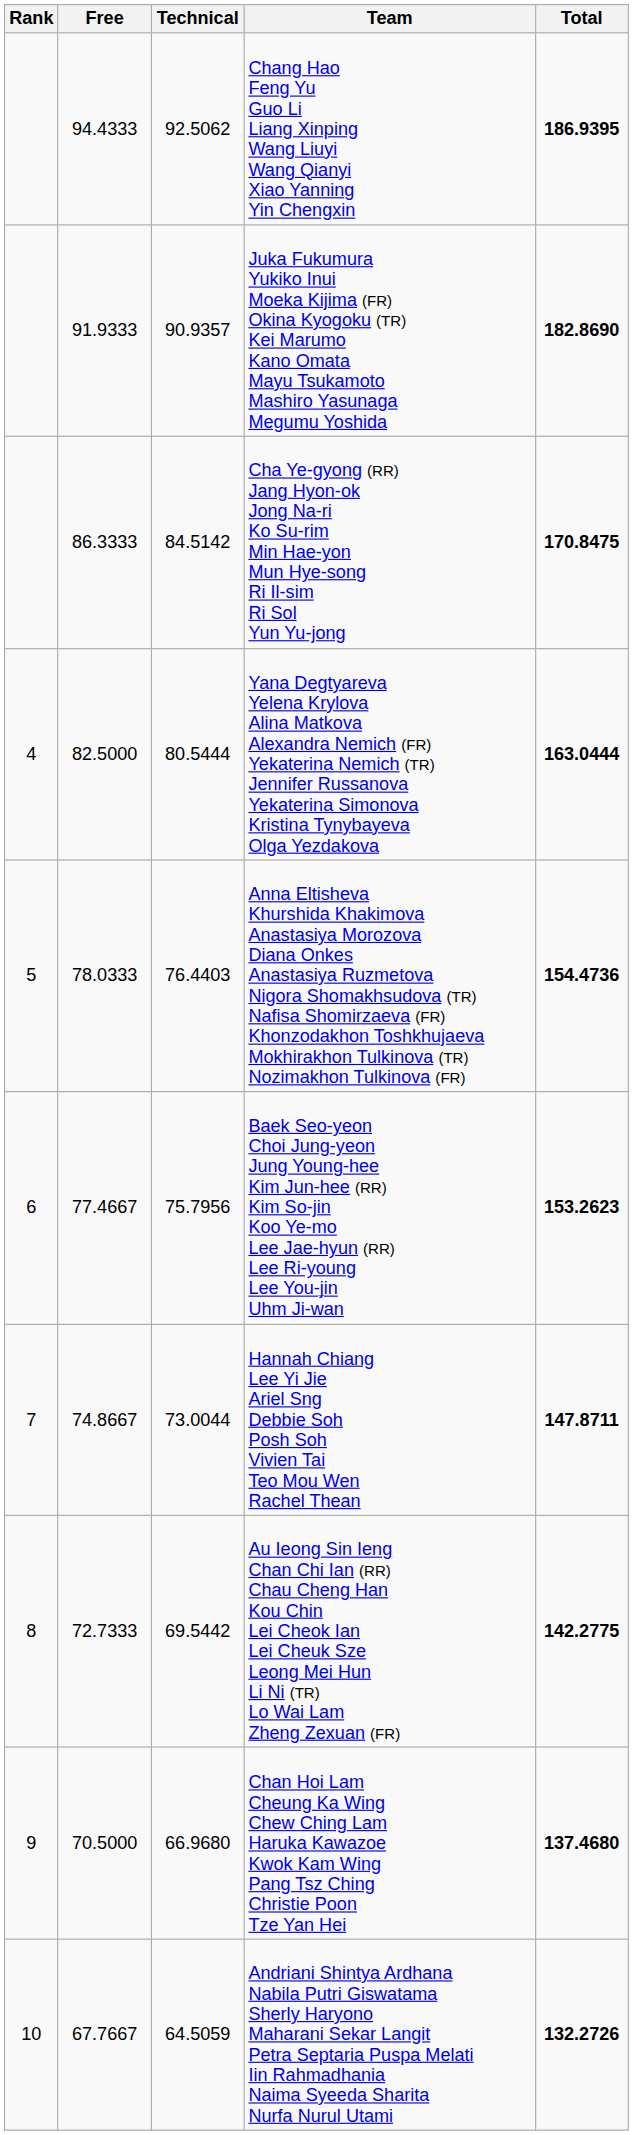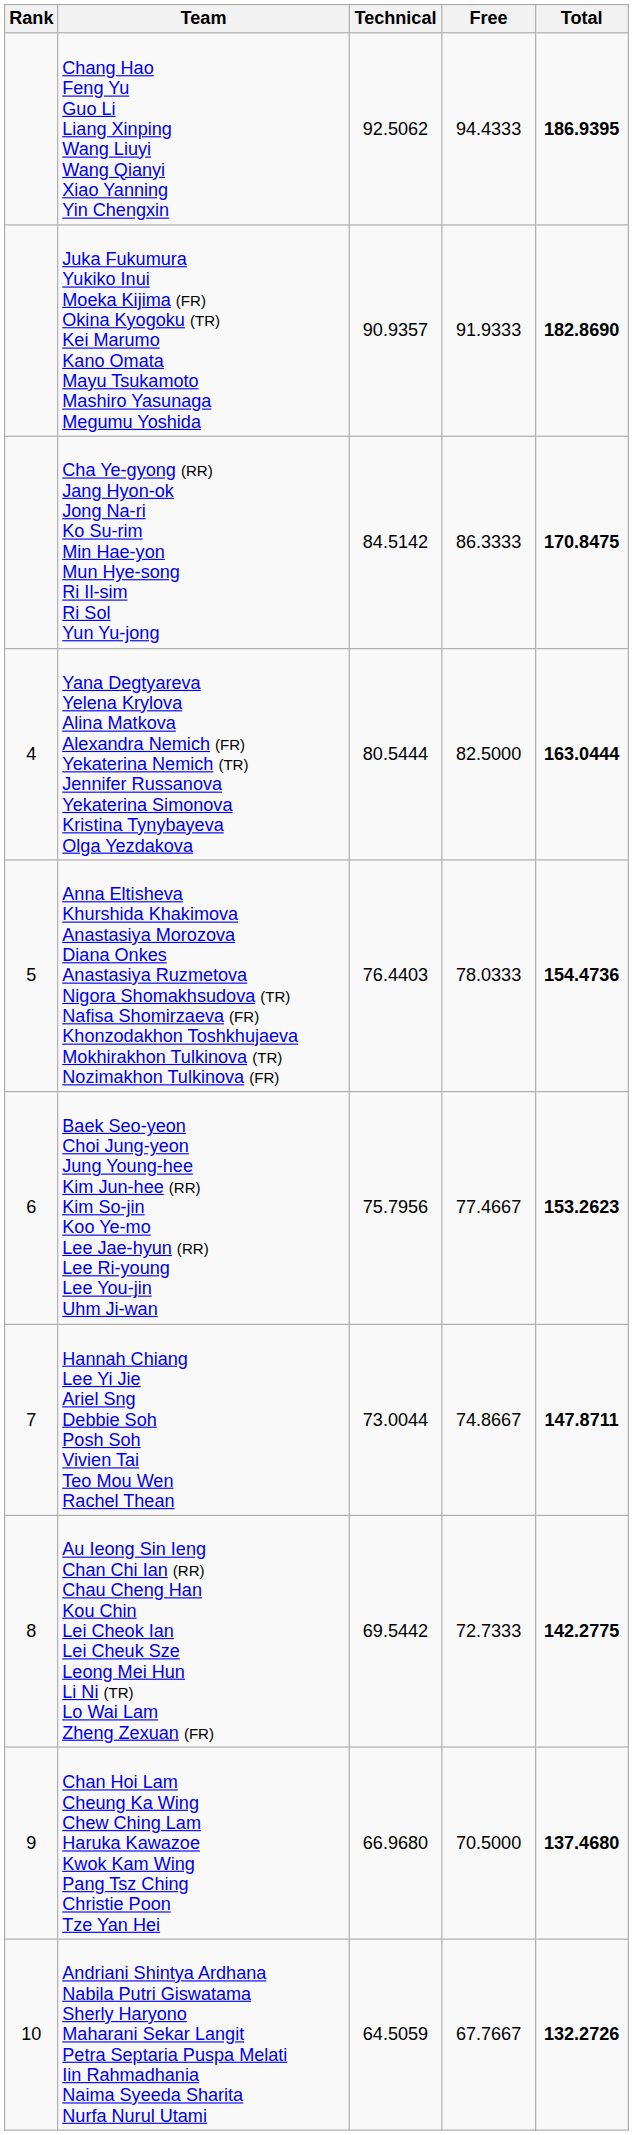 <table class=wikitable style="text-align:center">
 <tr>
 <th width=40>Rank</th>
+<th width=250>Team</th>
+<th width=75>Technical</th>
 <th width=75>Free</th>
-<th width=75>Technical</th>
-<th width=250>Team</th>
 <th width=75>Total</th>
 </tr>
 <tr>
 <td></td>
+<td align=left><br><a href='#'>Chang Hao</a><br><a href='#'>Feng Yu</a><br><a href='#'>Guo Li</a><br><a href='#'>Liang Xinping</a><br><a href='#'>Wang Liuyi</a><br><a href='#'>Wang Qianyi</a><br><a href='#'>Xiao Yanning</a><br><a href='#'>Yin Chengxin</a></td>
+<td>92.5062</td>
 <td>94.4333</td>
-<td>92.5062</td>
-<td align=left><br><a href='#'>Chang Hao</a><br><a href='#'>Feng Yu</a><br><a href='#'>Guo Li</a><br><a href='#'>Liang Xinping</a><br><a href='#'>Wang Liuyi</a><br><a href='#'>Wang Qianyi</a><br><a href='#'>Xiao Yanning</a><br><a href='#'>Yin Chengxin</a></td>
 <td><strong>186.9395</strong></td>
 </tr>
 <tr>
 <td></td>
+<td align=left><br><a href='#'>Juka Fukumura</a><br><a href='#'>Yukiko Inui</a><br><a href='#'>Moeka Kijima</a> <small>(FR)</small><br><a href='#'>Okina Kyogoku</a> <small>(TR)</small><br><a href='#'>Kei Marumo</a><br><a href='#'>Kano Omata</a><br><a href='#'>Mayu Tsukamoto</a><br><a href='#'>Mashiro Yasunaga</a><br><a href='#'>Megumu Yoshida</a></td>
+<td>90.9357</td>
 <td>91.9333</td>
-<td>90.9357</td>
-<td align=left><br><a href='#'>Juka Fukumura</a><br><a href='#'>Yukiko Inui</a><br><a href='#'>Moeka Kijima</a> <small>(FR)</small><br><a href='#'>Okina Kyogoku</a> <small>(TR)</small><br><a href='#'>Kei Marumo</a><br><a href='#'>Kano Omata</a><br><a href='#'>Mayu Tsukamoto</a><br><a href='#'>Mashiro Yasunaga</a><br><a href='#'>Megumu Yoshida</a></td>
 <td><strong>182.8690</strong></td>
 </tr>
 <tr>
 <td></td>
+<td align=left><br><a href='#'>Cha Ye-gyong</a> <small>(RR)</small><br><a href='#'>Jang Hyon-ok</a><br><a href='#'>Jong Na-ri</a><br><a href='#'>Ko Su-rim</a><br><a href='#'>Min Hae-yon</a><br><a href='#'>Mun Hye-song</a><br><a href='#'>Ri Il-sim</a><br><a href='#'>Ri Sol</a><br><a href='#'>Yun Yu-jong</a></td>
+<td>84.5142</td>
 <td>86.3333</td>
-<td>84.5142</td>
-<td align=left><br><a href='#'>Cha Ye-gyong</a> <small>(RR)</small><br><a href='#'>Jang Hyon-ok</a><br><a href='#'>Jong Na-ri</a><br><a href='#'>Ko Su-rim</a><br><a href='#'>Min Hae-yon</a><br><a href='#'>Mun Hye-song</a><br><a href='#'>Ri Il-sim</a><br><a href='#'>Ri Sol</a><br><a href='#'>Yun Yu-jong</a></td>
 <td><strong>170.8475</strong></td>
 </tr>
 <tr>
 <td>4</td>
+<td align=left><br><a href='#'>Yana Degtyareva</a><br><a href='#'>Yelena Krylova</a><br><a href='#'>Alina Matkova</a><br><a href='#'>Alexandra Nemich</a> <small>(FR)</small><br><a href='#'>Yekaterina Nemich</a> <small>(TR)</small><br><a href='#'>Jennifer Russanova</a><br><a href='#'>Yekaterina Simonova</a><br><a href='#'>Kristina Tynybayeva</a><br><a href='#'>Olga Yezdakova</a></td>
+<td>80.5444</td>
 <td>82.5000</td>
-<td>80.5444</td>
-<td align=left><br><a href='#'>Yana Degtyareva</a><br><a href='#'>Yelena Krylova</a><br><a href='#'>Alina Matkova</a><br><a href='#'>Alexandra Nemich</a> <small>(FR)</small><br><a href='#'>Yekaterina Nemich</a> <small>(TR)</small><br><a href='#'>Jennifer Russanova</a><br><a href='#'>Yekaterina Simonova</a><br><a href='#'>Kristina Tynybayeva</a><br><a href='#'>Olga Yezdakova</a></td>
 <td><strong>163.0444</strong></td>
 </tr>
 <tr>
 <td>5</td>
+<td align=left><br><a href='#'>Anna Eltisheva</a><br><a href='#'>Khurshida Khakimova</a><br><a href='#'>Anastasiya Morozova</a><br><a href='#'>Diana Onkes</a><br><a href='#'>Anastasiya Ruzmetova</a><br><a href='#'>Nigora Shomakhsudova</a> <small>(TR)</small><br><a href='#'>Nafisa Shomirzaeva</a> <small>(FR)</small><br><a href='#'>Khonzodakhon Toshkhujaeva</a><br><a href='#'>Mokhirakhon Tulkinova</a> <small>(TR)</small><br><a href='#'>Nozimakhon Tulkinova</a> <small>(FR)</small></td>
+<td>76.4403</td>
 <td>78.0333</td>
-<td>76.4403</td>
-<td align=left><br><a href='#'>Anna Eltisheva</a><br><a href='#'>Khurshida Khakimova</a><br><a href='#'>Anastasiya Morozova</a><br><a href='#'>Diana Onkes</a><br><a href='#'>Anastasiya Ruzmetova</a><br><a href='#'>Nigora Shomakhsudova</a> <small>(TR)</small><br><a href='#'>Nafisa Shomirzaeva</a> <small>(FR)</small><br><a href='#'>Khonzodakhon Toshkhujaeva</a><br><a href='#'>Mokhirakhon Tulkinova</a> <small>(TR)</small><br><a href='#'>Nozimakhon Tulkinova</a> <small>(FR)</small></td>
 <td><strong>154.4736</strong></td>
 </tr>
 <tr>
 <td>6</td>
+<td align=left><br><a href='#'>Baek Seo-yeon</a><br><a href='#'>Choi Jung-yeon</a><br><a href='#'>Jung Young-hee</a><br><a href='#'>Kim Jun-hee</a> <small>(RR)</small><br><a href='#'>Kim So-jin</a><br><a href='#'>Koo Ye-mo</a><br><a href='#'>Lee Jae-hyun</a> <small>(RR)</small><br><a href='#'>Lee Ri-young</a><br><a href='#'>Lee You-jin</a><br><a href='#'>Uhm Ji-wan</a></td>
+<td>75.7956</td>
 <td>77.4667</td>
-<td>75.7956</td>
-<td align=left><br><a href='#'>Baek Seo-yeon</a><br><a href='#'>Choi Jung-yeon</a><br><a href='#'>Jung Young-hee</a><br><a href='#'>Kim Jun-hee</a> <small>(RR)</small><br><a href='#'>Kim So-jin</a><br><a href='#'>Koo Ye-mo</a><br><a href='#'>Lee Jae-hyun</a> <small>(RR)</small><br><a href='#'>Lee Ri-young</a><br><a href='#'>Lee You-jin</a><br><a href='#'>Uhm Ji-wan</a></td>
 <td><strong>153.2623</strong></td>
 </tr>
 <tr>
 <td>7</td>
+<td align=left><br><a href='#'>Hannah Chiang</a><br><a href='#'>Lee Yi Jie</a><br><a href='#'>Ariel Sng</a><br><a href='#'>Debbie Soh</a><br><a href='#'>Posh Soh</a><br><a href='#'>Vivien Tai</a><br><a href='#'>Teo Mou Wen</a><br><a href='#'>Rachel Thean</a></td>
+<td>73.0044</td>
 <td>74.8667</td>
-<td>73.0044</td>
-<td align=left><br><a href='#'>Hannah Chiang</a><br><a href='#'>Lee Yi Jie</a><br><a href='#'>Ariel Sng</a><br><a href='#'>Debbie Soh</a><br><a href='#'>Posh Soh</a><br><a href='#'>Vivien Tai</a><br><a href='#'>Teo Mou Wen</a><br><a href='#'>Rachel Thean</a></td>
 <td><strong>147.8711</strong></td>
 </tr>
 <tr>
 <td>8</td>
+<td align=left><br><a href='#'>Au Ieong Sin Ieng</a><br><a href='#'>Chan Chi Ian</a> <small>(RR)</small><br><a href='#'>Chau Cheng Han</a><br><a href='#'>Kou Chin</a><br><a href='#'>Lei Cheok Ian</a><br><a href='#'>Lei Cheuk Sze</a><br><a href='#'>Leong Mei Hun</a><br><a href='#'>Li Ni</a> <small>(TR)</small><br><a href='#'>Lo Wai Lam</a><br><a href='#'>Zheng Zexuan</a> <small>(FR)</small></td>
+<td>69.5442</td>
 <td>72.7333</td>
-<td>69.5442</td>
-<td align=left><br><a href='#'>Au Ieong Sin Ieng</a><br><a href='#'>Chan Chi Ian</a> <small>(RR)</small><br><a href='#'>Chau Cheng Han</a><br><a href='#'>Kou Chin</a><br><a href='#'>Lei Cheok Ian</a><br><a href='#'>Lei Cheuk Sze</a><br><a href='#'>Leong Mei Hun</a><br><a href='#'>Li Ni</a> <small>(TR)</small><br><a href='#'>Lo Wai Lam</a><br><a href='#'>Zheng Zexuan</a> <small>(FR)</small></td>
 <td><strong>142.2775</strong></td>
 </tr>
 <tr>
 <td>9</td>
+<td align=left><br><a href='#'>Chan Hoi Lam</a><br><a href='#'>Cheung Ka Wing</a><br><a href='#'>Chew Ching Lam</a><br><a href='#'>Haruka Kawazoe</a><br><a href='#'>Kwok Kam Wing</a><br><a href='#'>Pang Tsz Ching</a><br><a href='#'>Christie Poon</a><br><a href='#'>Tze Yan Hei</a></td>
+<td>66.9680</td>
 <td>70.5000</td>
-<td>66.9680</td>
-<td align=left><br><a href='#'>Chan Hoi Lam</a><br><a href='#'>Cheung Ka Wing</a><br><a href='#'>Chew Ching Lam</a><br><a href='#'>Haruka Kawazoe</a><br><a href='#'>Kwok Kam Wing</a><br><a href='#'>Pang Tsz Ching</a><br><a href='#'>Christie Poon</a><br><a href='#'>Tze Yan Hei</a></td>
 <td><strong>137.4680</strong></td>
 </tr>
 <tr>
 <td>10</td>
+<td align=left><br><a href='#'>Andriani Shintya Ardhana</a><br><a href='#'>Nabila Putri Giswatama</a><br><a href='#'>Sherly Haryono</a><br><a href='#'>Maharani Sekar Langit</a><br><a href='#'>Petra Septaria Puspa Melati</a><br><a href='#'>Iin Rahmadhania</a><br><a href='#'>Naima Syeeda Sharita</a><br><a href='#'>Nurfa Nurul Utami</a></td>
+<td>64.5059</td>
 <td>67.7667</td>
-<td>64.5059</td>
-<td align=left><br><a href='#'>Andriani Shintya Ardhana</a><br><a href='#'>Nabila Putri Giswatama</a><br><a href='#'>Sherly Haryono</a><br><a href='#'>Maharani Sekar Langit</a><br><a href='#'>Petra Septaria Puspa Melati</a><br><a href='#'>Iin Rahmadhania</a><br><a href='#'>Naima Syeeda Sharita</a><br><a href='#'>Nurfa Nurul Utami</a></td>
 <td><strong>132.2726</strong></td>
 </tr>
 </table>
